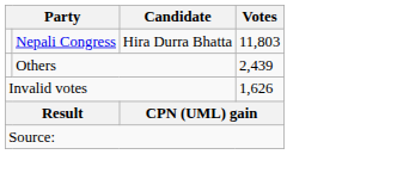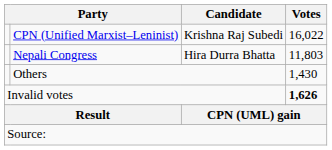 <table class="wikitable">
 <tr>
 <th colspan="2">Party</th>
 <th>Candidate</th>
 <th>Votes</th>
+</tr>
+<tr>
+<td style="background-color:"></td>
+<td><a href='#'>CPN (Unified Marxist–Leninist)</a></td>
+<td>Krishna Raj Subedi</td>
+<td>16,022</td>
 </tr>
 <tr>
 <td style="background-color:"></td>
 <td><a href='#'>Nepali Congress</a></td>
 <td>Hira Durra Bhatta</td>
 <td>11,803</td>
 </tr>
 <tr>
 <td></td>
 <td colspan="2">Others</td>
-<td>2,439</td>
+<td>1,430</td>
 </tr>
 <tr>
 <td colspan="3">Invalid votes</td>
-<td>1,626</td>
+<td><strong>1,626</strong></td>
 </tr>
 <tr>
 <th colspan="2">Result</th>
 <th colspan="2">CPN (UML) gain</th>
 </tr>
 <tr>
 <td colspan="4">Source: </td>
 </tr>
 </table>
